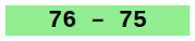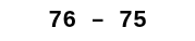 <table style="text-align:center">
 <tr>
 <th width=200></th>
 <th width=100></th>
 <th width=200></th>
 </tr>
 <tr>
 <td align=right><strong></strong></td>
-<td style="background: lightgreen;"><strong>76 – 75</strong></td>
+<td><strong>76 – 75</strong></td>
 <td align=left></td>
 </tr>
 </table>
